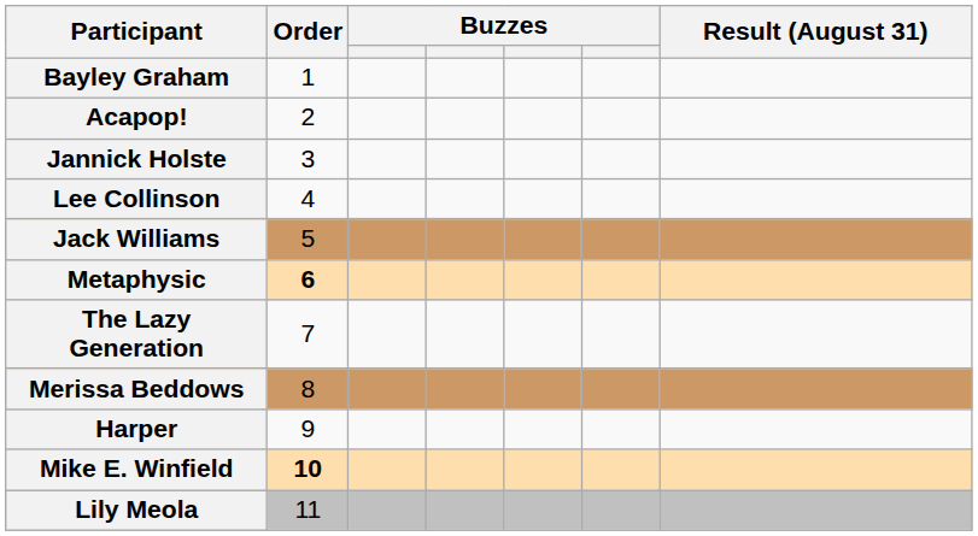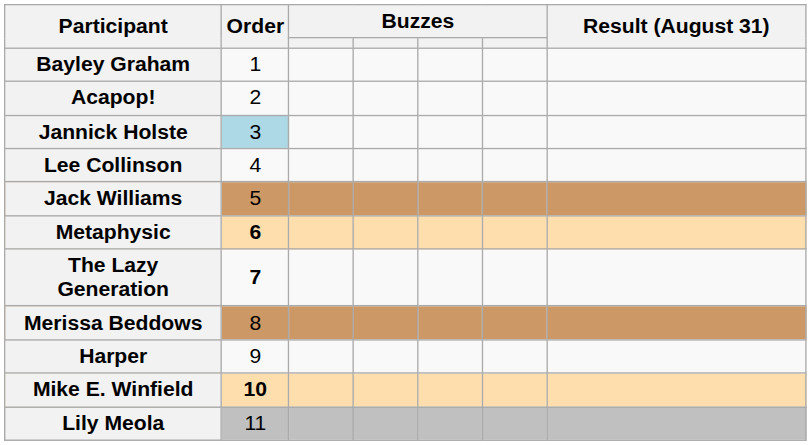 <table class="wikitable plainrowheaders sortable" style="text-align:center;">
 <tr>
 <th scope="col" rowspan="2" class="unsortable" style="width:17em;">Participant</th>
 <th scope="col" rowspan="2" style="width:1em;">Order</th>
 <th scope="col" colspan="4" class="unsortable" style="width:24em;">Buzzes</th>
 <th scope="col" rowspan="2" style="width:25em;">Result (August 31)</th>
 </tr>
 <tr>
 <th scope="col" class="unsortable" style="width:6em;"></th>
 <th scope="col" class="unsortable" style="width:6em;"></th>
 <th scope="col" class="unsortable" style="width:6em;"></th>
 <th scope="col" class="unsortable" style="width:6em;"></th>
 </tr>
 <tr>
 <th scope="row">Bayley Graham</th>
 <td>1</td>
 <td style="text-align:center;"></td>
 <td style="text-align:center;"></td>
 <td style="text-align:center;"></td>
 <td style="text-align:center;"></td>
 <td></td>
 </tr>
 <tr>
 <th scope="row">Acapop!</th>
 <td>2</td>
 <td style="text-align:center;"></td>
 <td style="text-align:center;"></td>
 <td style="text-align:center;"></td>
 <td style="text-align:center;"></td>
 <td></td>
 </tr>
 <tr>
 <th scope="row">Jannick Holste</th>
-<td>3</td>
+<td style="background: lightblue;">3</td>
 <td style="text-align:center;"></td>
 <td style="text-align:center;"></td>
 <td style="text-align:center;"></td>
 <td style="text-align:center;"></td>
 <td></td>
 </tr>
 <tr>
 <th scope="row">Lee Collinson</th>
 <td>4</td>
 <td style="text-align:center;"></td>
 <td style="text-align:center;"></td>
 <td style="text-align:center;"></td>
 <td style="text-align:center;"></td>
 <td></td>
 </tr>
 <tr bgcolor=#c96>
 <th scope="row">Jack Williams</th>
 <td>5</td>
 <td style="text-align:center;"></td>
 <td style="text-align:center;"></td>
 <td style="text-align:center;"></td>
 <td style="text-align:center;"></td>
 <td></td>
 </tr>
 <tr bgcolor=NavajoWhite>
 <th scope="row"><strong>Metaphysic</strong></th>
 <td><strong>6</strong></td>
 <td style="text-align:center;"></td>
 <td style="text-align:center;"></td>
 <td style="text-align:center;"></td>
 <td style="text-align:center;"></td>
 <td><strong></strong></td>
 </tr>
 <tr>
 <th scope="row">The Lazy Generation</th>
-<td>7</td>
+<td><strong>7</strong></td>
 <td style="text-align:center;"></td>
 <td style="text-align:center;"></td>
 <td style="text-align:center;"></td>
 <td style="text-align:center;"></td>
 <td></td>
 </tr>
 <tr bgcolor=#c96>
 <th scope="row">Merissa Beddows</th>
 <td>8</td>
 <td style="text-align:center;"></td>
 <td style="text-align:center;"></td>
 <td style="text-align:center;"></td>
 <td style="text-align:center;"></td>
 <td></td>
 </tr>
 <tr>
 <th scope="row">Harper</th>
 <td>9</td>
 <td style="text-align:center;"></td>
 <td style="text-align:center;"></td>
 <td style="text-align:center;"></td>
 <td style="text-align:center;"></td>
 <td></td>
 </tr>
 <tr bgcolor=NavajoWhite>
 <th scope="row"><strong>Mike E. Winfield</strong></th>
 <td><strong>10</strong></td>
 <td style="text-align:center;"></td>
 <td style="text-align:center;"></td>
 <td style="text-align:center;"></td>
 <td style="text-align:center;"></td>
 <td><strong></strong></td>
 </tr>
 <tr bgcolor=silver>
 <th scope="row">Lily Meola</th>
 <td>11</td>
 <td style="text-align:center;"></td>
 <td style="text-align:center;"></td>
 <td style="text-align:center;"></td>
 <td style="text-align:center;"></td>
 <td></td>
 </tr>
 </table>
